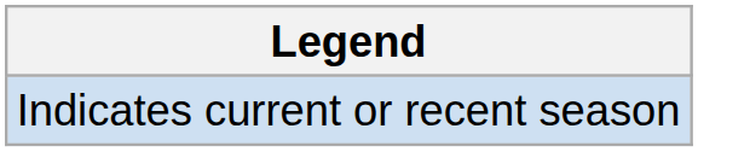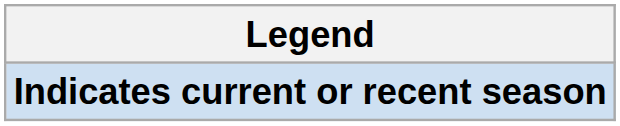 <table class="wikitable" style="text-align: center; font-size:95%;">
 <tr>
 <th style="background:#f2f2f2; border:1px solid #aaa;" colspan="2">Legend</th>
 </tr>
 <tr>
-<td style="background: #CEE0F2">Indicates current or recent season</td>
+<td style="background: #CEE0F2"><strong>Indicates current or recent season</strong></td>
 </tr>
 </table>
